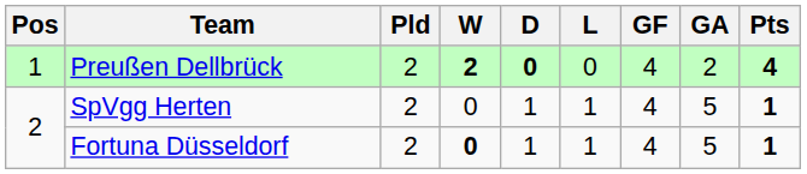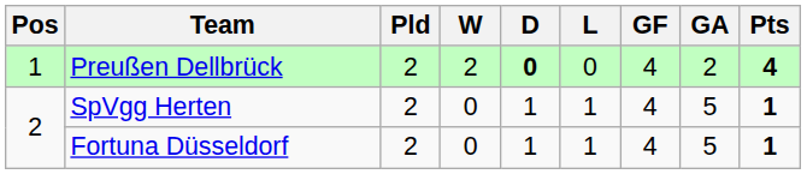 <table class="wikitable nowrap" style=text-align:center>
 <tr>
 <th>Pos</th>
 <th width=190>Team</th>
 <th width=30>Pld</th>
 <th width=30>W</th>
 <th width=30>D</th>
 <th width=30>L</th>
 <th width=30>GF</th>
 <th width=30>GA</th>
 <th width=30>Pts</th>
 </tr>
 <tr bgcolor=c1ffc1>
 <td>1</td>
 <td align=left><a href='#'>Preußen Dellbrück</a></td>
 <td>2</td>
-<td><strong>2</strong></td>
+<td>2</td>
 <td><strong>0</strong></td>
 <td>0</td>
 <td>4</td>
 <td>2</td>
 <td><strong>4</strong></td>
 </tr>
 <tr>
 <td rowspan="2">2</td>
 <td align=left><a href='#'>SpVgg Herten</a></td>
 <td>2</td>
 <td>0</td>
 <td>1</td>
 <td>1</td>
 <td>4</td>
 <td>5</td>
 <td><strong>1</strong></td>
 </tr>
 <tr>
 <td align=left><a href='#'>Fortuna Düsseldorf</a></td>
 <td>2</td>
-<td><strong>0</strong></td>
+<td>0</td>
 <td>1</td>
 <td>1</td>
 <td>4</td>
 <td>5</td>
 <td><strong>1</strong></td>
 </tr>
 </table>
